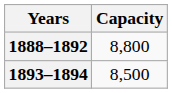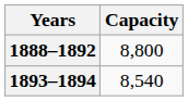 <table class="wikitable">
 <tr>
 <th scope="row">Years</th>
 <th scope="row">Capacity</th>
 </tr>
 <tr>
 <th scope="row">1888–1892</th>
 <td style="text-align:center">8,800</td>
 </tr>
 <tr>
 <th scope="row">1893–1894</th>
-<td style="text-align:center">8,500</td>
+<td style="text-align:center">8,540</td>
 </tr>
 </table>
